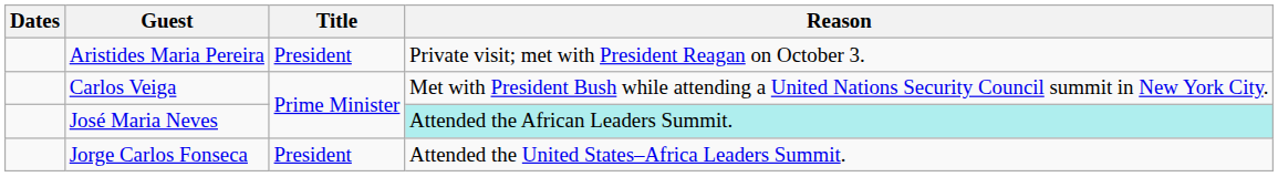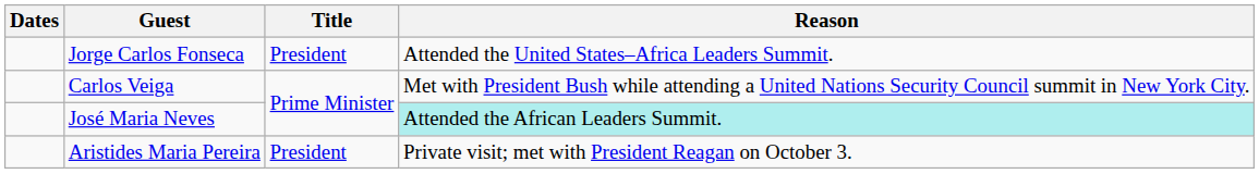 <table class="wikitable sortable">
 <tr>
 <th>Dates</th>
 <th>Guest</th>
 <th>Title</th>
 <th>Reason</th>
 </tr>
 <tr>
 <td></td>
-<td><a href='#'>Aristides Maria Pereira</a></td>
+<td><a href='#'>Jorge Carlos Fonseca</a></td>
 <td><a href='#'>President</a></td>
-<td>Private visit; met with <a href='#'>President Reagan</a> on October 3.</td>
+<td>Attended the <a href='#'>United States–Africa Leaders Summit</a>.</td>
 </tr>
 <tr>
 <td></td>
 <td><a href='#'>Carlos Veiga</a></td>
 <td rowspan=2><a href='#'>Prime Minister</a></td>
 <td>Met with <a href='#'>President Bush</a> while attending a <a href='#'>United Nations Security Council</a> summit in <a href='#'>New York City</a>.</td>
 </tr>
 <tr>
 <td></td>
 <td><a href='#'>José Maria Neves</a></td>
 <td style="background: paleturquoise;">Attended the African Leaders Summit.</td>
 </tr>
 <tr>
 <td></td>
-<td><a href='#'>Jorge Carlos Fonseca</a></td>
+<td><a href='#'>Aristides Maria Pereira</a></td>
 <td><a href='#'>President</a></td>
-<td>Attended the <a href='#'>United States–Africa Leaders Summit</a>.</td>
+<td>Private visit; met with <a href='#'>President Reagan</a> on October 3.</td>
 </tr>
 </table>
